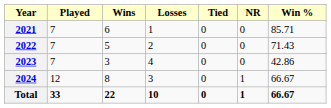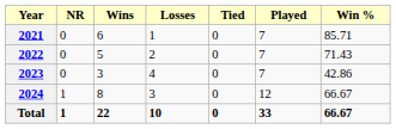 <table class="wikitable" style="width:25%;">
 <tr>
 <th style="background:#ffc;">Year</th>
-<th style="background:#ffc;">Played</th>
+<th style="background:#ffc;">NR</th>
 <th style="background:#ffc;">Wins</th>
 <th style="background:#ffc;">Losses</th>
 <th style="background:#ffc;">Tied</th>
-<th style="background:#ffc;">NR</th>
+<th style="background:#ffc;">Played</th>
 <th style="background:#ffc;">Win %</th>
 </tr>
 <tr>
 <th><a href='#'>2021</a></th>
-<td>7</td>
+<td>0</td>
 <td>6</td>
 <td>1</td>
 <td>0</td>
-<td>0</td>
+<td>7</td>
 <td>85.71</td>
 </tr>
 <tr>
 <th><a href='#'>2022</a></th>
-<td>7</td>
+<td>0</td>
 <td>5</td>
 <td>2</td>
 <td>0</td>
-<td>0</td>
+<td>7</td>
 <td>71.43</td>
 </tr>
 <tr>
 <th><a href='#'>2023</a></th>
-<td>7</td>
+<td>0</td>
 <td>3</td>
 <td>4</td>
 <td>0</td>
-<td>0</td>
+<td>7</td>
 <td>42.86</td>
 </tr>
 <tr>
 <th><a href='#'>2024</a></th>
-<td>12</td>
+<td>1</td>
 <td>8</td>
 <td>3</td>
 <td>0</td>
-<td>1</td>
+<td>12</td>
 <td>66.67</td>
 </tr>
 <tr>
 <th>Total</th>
-<td><strong>33</strong></td>
+<td><strong>1</strong></td>
 <td><strong>22</strong></td>
 <td><strong>10</strong></td>
 <td><strong>0</strong></td>
-<td><strong>1</strong></td>
+<td><strong>33</strong></td>
 <td><strong>66.67</strong></td>
 </tr>
 </table>
